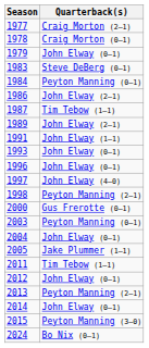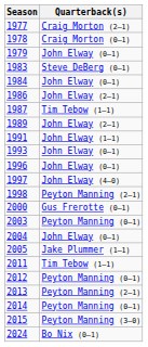 <table class="wikitable">
 <tr>
 <th>Season</th>
 <th>Quarterback(s)</th>
 </tr>
 <tr>
 <td><a href='#'>1977</a></td>
 <td><a href='#'>Craig Morton</a> <small>(2–1)</small></td>
 </tr>
 <tr>
 <td><a href='#'>1978</a></td>
 <td><a href='#'>Craig Morton</a> <small>(0–1)</small></td>
 </tr>
 <tr>
 <td><a href='#'>1979</a></td>
 <td><a href='#'>John Elway</a> <small>(0–1)</small></td>
 </tr>
 <tr>
 <td><a href='#'>1983</a></td>
 <td><a href='#'>Steve DeBerg</a> <small>(0–1)</small></td>
 </tr>
 <tr>
 <td><a href='#'>1984</a></td>
-<td><a href='#'>Peyton Manning</a> <small>(0–1)</small></td>
+<td><a href='#'>John Elway</a> <small>(0–1)</small></td>
 </tr>
 <tr>
 <td><a href='#'>1986</a></td>
 <td><a href='#'>John Elway</a> <small>(2–1)</small></td>
 </tr>
 <tr>
 <td><a href='#'>1987</a></td>
 <td><a href='#'>Tim Tebow</a> <small>(1–1)</small></td>
 </tr>
 <tr>
 <td><a href='#'>1989</a></td>
 <td><a href='#'>John Elway</a> <small>(2–1)</small></td>
 </tr>
 <tr>
 <td><a href='#'>1991</a></td>
 <td><a href='#'>John Elway</a> <small>(1–1)</small></td>
 </tr>
 <tr>
 <td><a href='#'>1993</a></td>
 <td><a href='#'>John Elway</a> <small>(0–1)</small></td>
 </tr>
 <tr>
 <td><a href='#'>1996</a></td>
 <td><a href='#'>John Elway</a> <small>(0–1)</small></td>
 </tr>
 <tr>
 <td><a href='#'>1997</a></td>
 <td><a href='#'>John Elway</a> <small>(4–0)</small></td>
 </tr>
 <tr>
 <td><a href='#'>1998</a></td>
 <td><a href='#'>Peyton Manning</a> <small>(2–1)</small></td>
 </tr>
 <tr>
 <td><a href='#'>2000</a></td>
 <td><a href='#'>Gus Frerotte</a> <small>(0–1)</small></td>
 </tr>
 <tr>
 <td><a href='#'>2003</a></td>
 <td><a href='#'>Peyton Manning</a> <small>(0–1)</small></td>
 </tr>
 <tr>
 <td><a href='#'>2004</a></td>
 <td><a href='#'>John Elway</a> <small>(0–1)</small></td>
 </tr>
 <tr>
 <td><a href='#'>2005</a></td>
 <td><a href='#'>Jake Plummer</a> <small>(1–1)</small></td>
 </tr>
 <tr>
 <td><a href='#'>2011</a></td>
 <td><a href='#'>Tim Tebow</a> <small>(1–1)</small></td>
 </tr>
 <tr>
 <td><a href='#'>2012</a></td>
-<td><a href='#'>John Elway</a> <small>(0–1)</small></td>
+<td><a href='#'>Peyton Manning</a> <small>(0–1)</small></td>
 </tr>
 <tr>
 <td><a href='#'>2013</a></td>
 <td><a href='#'>Peyton Manning</a> <small>(2–1)</small></td>
 </tr>
 <tr>
 <td><a href='#'>2014</a></td>
-<td><a href='#'>John Elway</a> <small>(0–1)</small></td>
+<td><a href='#'>Peyton Manning</a> <small>(0–1)</small></td>
 </tr>
 <tr>
 <td><a href='#'>2015</a></td>
 <td><a href='#'>Peyton Manning</a> <small>(3–0)</small></td>
 </tr>
 <tr>
 <td><a href='#'>2024</a></td>
 <td><a href='#'>Bo Nix</a> <small>(0–1)</small></td>
 </tr>
 </table>
